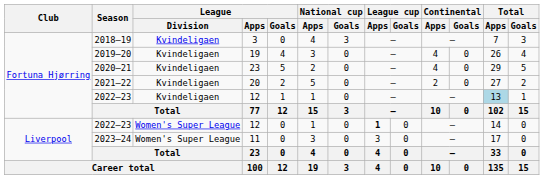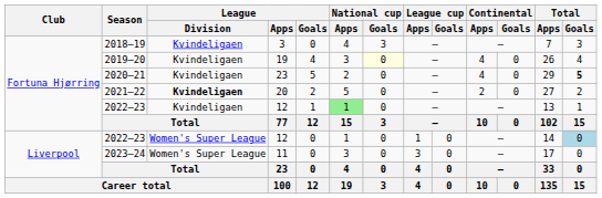 <table class="wikitable" style="text-align:center">
 <tr>
 <th rowspan="2">Club</th>
 <th rowspan="2">Season</th>
 <th colspan="3">League</th>
 <th colspan="2">National cup</th>
 <th colspan="2">League cup</th>
 <th colspan="2">Continental</th>
 <th colspan="2">Total</th>
 </tr>
 <tr>
 <th>Division</th>
 <th>Apps</th>
 <th>Goals</th>
 <th>Apps</th>
 <th>Goals</th>
 <th>Apps</th>
 <th>Goals</th>
 <th>Apps</th>
 <th>Goals</th>
 <th>Apps</th>
 <th>Goals</th>
 </tr>
 <tr>
 <td rowspan="6"><a href='#'>Fortuna Hjørring</a></td>
 <td>2018–19</td>
 <td><a href='#'>Kvindeligaen</a></td>
 <td>3</td>
 <td>0</td>
 <td>4</td>
 <td>3</td>
 <td colspan="2">—</td>
 <td colspan="2">—</td>
 <td>7</td>
 <td>3</td>
 </tr>
 <tr>
 <td>2019–20</td>
 <td>Kvindeligaen</td>
 <td>19</td>
 <td>4</td>
 <td>3</td>
-<td>0</td>
+<td style="background: lightyellow;">0</td>
 <td colspan="2">—</td>
 <td>4</td>
 <td>0</td>
 <td>26</td>
 <td>4</td>
 </tr>
 <tr>
 <td>2020–21</td>
 <td>Kvindeligaen</td>
 <td>23</td>
 <td>5</td>
 <td>2</td>
 <td>0</td>
 <td colspan="2">—</td>
 <td>4</td>
 <td>0</td>
 <td>29</td>
-<td>5</td>
+<td><strong>5</strong></td>
 </tr>
 <tr>
 <td>2021–22</td>
-<td>Kvindeligaen</td>
+<td><strong>Kvindeligaen</strong></td>
 <td>20</td>
 <td>2</td>
 <td>5</td>
 <td>0</td>
 <td colspan="2">—</td>
 <td>2</td>
 <td>0</td>
 <td>27</td>
 <td>2</td>
 </tr>
 <tr>
 <td>2022–23</td>
 <td>Kvindeligaen</td>
 <td>12</td>
 <td>1</td>
-<td>1</td>
+<td style="background: lightgreen;">1</td>
 <td>0</td>
 <td colspan="2">—</td>
 <td colspan="2">—</td>
-<td style="background: lightblue;">13</td>
+<td>13</td>
 <td>1</td>
 </tr>
 <tr>
 <th colspan="2">Total</th>
 <th>77</th>
 <th>12</th>
 <th>15</th>
 <th>3</th>
 <th colspan="2">—</th>
 <th>10</th>
 <th>0</th>
 <th>102</th>
 <th>15</th>
 </tr>
 <tr>
 <td rowspan="3"><a href='#'>Liverpool</a></td>
 <td>2022–23</td>
 <td><a href='#'>Women's Super League</a></td>
 <td>12</td>
 <td>0</td>
 <td>1</td>
 <td>0</td>
-<td><strong>1</strong></td>
+<td>1</td>
 <td>0</td>
 <td colspan="2">—</td>
 <td>14</td>
-<td>0</td>
+<td style="background: lightblue;">0</td>
 </tr>
 <tr>
 <td>2023–24</td>
 <td>Women's Super League</td>
 <td>11</td>
 <td>0</td>
 <td>3</td>
 <td>0</td>
 <td>3</td>
 <td>0</td>
 <td colspan="2">—</td>
 <td>17</td>
 <td>0</td>
 </tr>
 <tr>
 <th colspan="2">Total</th>
 <th>23</th>
 <th>0</th>
 <th>4</th>
 <th>0</th>
 <th>4</th>
 <th>0</th>
 <th colspan="2">—</th>
 <th>33</th>
 <th>0</th>
 </tr>
 <tr>
 <th colspan="3">Career total</th>
 <th>100</th>
 <th>12</th>
 <th>19</th>
 <th>3</th>
 <th>4</th>
 <th>0</th>
 <th>10</th>
 <th>0</th>
 <th>135</th>
 <th>15</th>
 </tr>
 </table>
